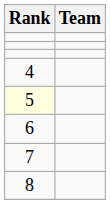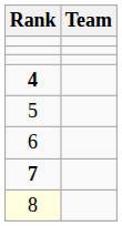 <table class=wikitable style="text-align:center;">
 <tr>
 <th>Rank</th>
 <th>Team</th>
 </tr>
 <tr>
 <td></td>
 <td align=left></td>
 </tr>
 <tr>
 <td></td>
 <td align=left></td>
 </tr>
 <tr>
 <td></td>
 <td align=left></td>
 </tr>
 <tr>
-<td>4</td>
+<td><strong>4</strong></td>
 <td align=left></td>
 </tr>
 <tr>
-<td style="background: lightyellow;">5</td>
+<td>5</td>
 <td align=left></td>
 </tr>
 <tr>
 <td>6</td>
 <td align=left></td>
 </tr>
 <tr>
-<td>7</td>
+<td><strong>7</strong></td>
 <td align=left></td>
 </tr>
 <tr>
-<td>8</td>
+<td style="background: lightyellow;">8</td>
 <td align=left></td>
 </tr>
 <tr>
 </tr>
 </table>
